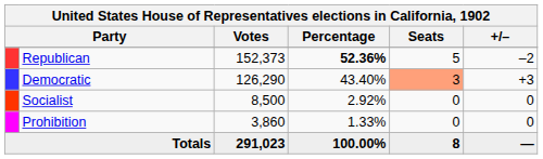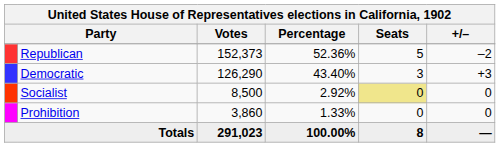 <table class="wikitable" style="font-size: 95%;">
 <tr>
 <th colspan="6">United States House of Representatives elections in California, 1902</th>
 </tr>
 <tr>
 <th colspan=2 style="width: 15em">Party</th>
 <th style="width: 5em">Votes</th>
 <th style="width: 7em">Percentage</th>
 <th style="width: 5em">Seats</th>
 <th style="width: 5em">+/–</th>
 </tr>
 <tr>
 </tr>
 <tr>
 <th style="background-color:#FF3333; width: 3px"></th>
 <td style="width: 130px"><a href='#'>Republican</a></td>
 <td style="text-align:right;">152,373</td>
-<td style="text-align:right;"><strong>52.36%</strong></td>
+<td style="text-align:right;">52.36%</td>
 <td style="text-align:right;">5</td>
 <td style="text-align:right;">–2</td>
 </tr>
 <tr>
 <th style="background-color:#3333FF; width: 3px"></th>
 <td style="width: 130px"><a href='#'>Democratic</a></td>
 <td style="text-align:right;">126,290</td>
 <td style="text-align:right;">43.40%</td>
-<td style="background: lightsalmon; text-align:right;">3</td>
+<td style="text-align:right;">3</td>
 <td style="text-align:right;">+3</td>
 </tr>
 <tr>
 <th style="background-color:#FF3300; width: 3px"></th>
 <td style="width: 130px"><a href='#'>Socialist</a></td>
 <td style="text-align:right;">8,500</td>
 <td style="text-align:right;">2.92%</td>
-<td style="text-align:right;">0</td>
+<td style="background: khaki; text-align:right;">0</td>
 <td style="text-align:right;">0</td>
 </tr>
 <tr>
 <th style="background-color:#FF00FF; width: 3px"></th>
 <td style="width: 130px"><a href='#'>Prohibition</a></td>
 <td style="text-align:right;">3,860</td>
 <td style="text-align:right;">1.33%</td>
 <td style="text-align:right;">0</td>
 <td style="text-align:right;">0</td>
 </tr>
 <tr style="background-color:#EEEEEE;">
 <td colspan="2" align="right"><strong>Totals</strong></td>
 <td style="text-align:right;"><strong>291,023</strong></td>
 <td style="text-align:right;"><strong>100.00%</strong></td>
 <td style="text-align:right;"><strong>8</strong></td>
 <td style="text-align:right;"><strong>—</strong></td>
 </tr>
 </table>
